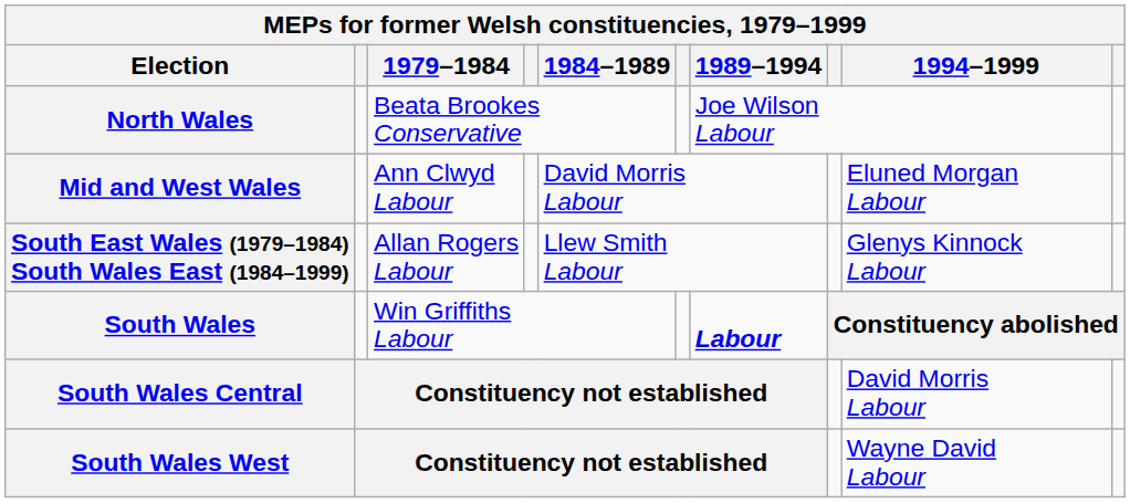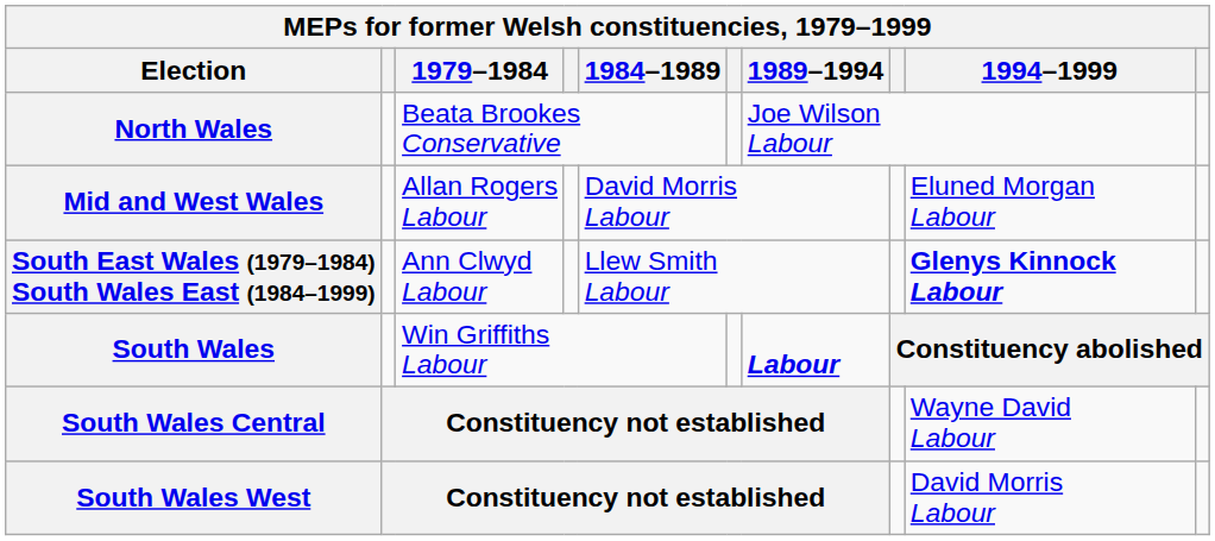 <table class="wikitable">
 <tr>
 <th colspan = 10>MEPs for former Welsh constituencies, 1979–1999</th>
 </tr>
 <tr>
 <th>Election</th>
 <th style="width:1px;"></th>
 <th><a href='#'>1979</a>–1984</th>
 <th style="width:1px;"></th>
 <th><a href='#'>1984</a>–1989</th>
 <th style="width:1px;"></th>
 <th><a href='#'>1989</a>–1994</th>
 <th style="width:1px;"></th>
 <th><a href='#'>1994</a>–1999</th>
 <th style="width:1px;"></th>
 </tr>
 <tr>
 <th><a href='#'>North Wales</a></th>
 <td width=1px style="color:inherit;background-color: "></td>
 <td colspan = 3><a href='#'>Beata Brookes</a><br><em><a href='#'>Conservative</a></em></td>
 <td width=1px style="color:inherit;background-color: "></td>
 <td colspan = 3><a href='#'>Joe Wilson</a><br><em><a href='#'>Labour</a></em></td>
 <td width=1px style="color:inherit;background-color: "></td>
 </tr>
 <tr>
 <th><a href='#'>Mid and West Wales</a></th>
 <td width=1px style="color:inherit;background-color: "></td>
-<td><a href='#'>Ann Clwyd</a><br><em><a href='#'>Labour</a></em></td>
+<td><a href='#'>Allan Rogers</a><br><em><a href='#'>Labour</a></em></td>
 <td width=1px style="color:inherit;background-color: "></td>
 <td colspan = 3><a href='#'>David Morris</a><br><em><a href='#'>Labour</a></em></td>
 <td width=1px style="color:inherit;background-color: "></td>
 <td><a href='#'>Eluned Morgan</a><br><em><a href='#'>Labour</a></em></td>
 <td width=1px style="color:inherit;background-color: "></td>
 </tr>
 <tr>
 <th><a href='#'>South East Wales</a> <small>(1979–1984)</small><br><a href='#'>South Wales East</a> <small>(1984–1999)</small></th>
 <td width=1px style="color:inherit;background-color: "></td>
-<td><a href='#'>Allan Rogers</a><br><em><a href='#'>Labour</a></em></td>
+<td><a href='#'>Ann Clwyd</a><br><em><a href='#'>Labour</a></em></td>
 <td width=1px style="color:inherit;background-color: "></td>
 <td colspan = 3><a href='#'>Llew Smith</a><br><em><a href='#'>Labour</a></em></td>
 <td width=1px style="color:inherit;background-color: "></td>
-<td><a href='#'>Glenys Kinnock</a><br><em><a href='#'>Labour</a></em></td>
+<td><strong><a href='#'>Glenys Kinnock</a><br><em><a href='#'>Labour</a></em></strong></td>
 <td width=1px style="color:inherit;background-color: "></td>
 </tr>
 <tr>
 <th><a href='#'>South Wales</a></th>
 <td width=1px style="color:inherit;background-color: "></td>
 <td colspan = 3><a href='#'>Win Griffiths</a><br><em><a href='#'>Labour</a></em></td>
 <td width=1px style="color:inherit;background-color: "></td>
 <td colspan = 1><strong><br><em><a href='#'>Labour</a></em></strong></td>
 <th colspan = 3>Constituency abolished</th>
 </tr>
 <tr>
 <th><a href='#'>South Wales Central</a></th>
 <th colspan = 6>Constituency not established</th>
 <td width=1px style="color:inherit;background-color: "></td>
-<td><a href='#'>David Morris</a><br><em><a href='#'>Labour</a></em></td>
+<td><a href='#'>Wayne David</a><br><em><a href='#'>Labour</a></em></td>
 <td width=1px style="color:inherit;background-color: "></td>
 </tr>
 <tr>
 <th><a href='#'>South Wales West</a></th>
 <th colspan = 6>Constituency not established</th>
 <td width=1px style="color:inherit;background-color: "></td>
-<td><a href='#'>Wayne David</a><br><em><a href='#'>Labour</a></em></td>
+<td><a href='#'>David Morris</a><br><em><a href='#'>Labour</a></em></td>
 <td width=1px style="color:inherit;background-color: "></td>
 </tr>
 </table>
